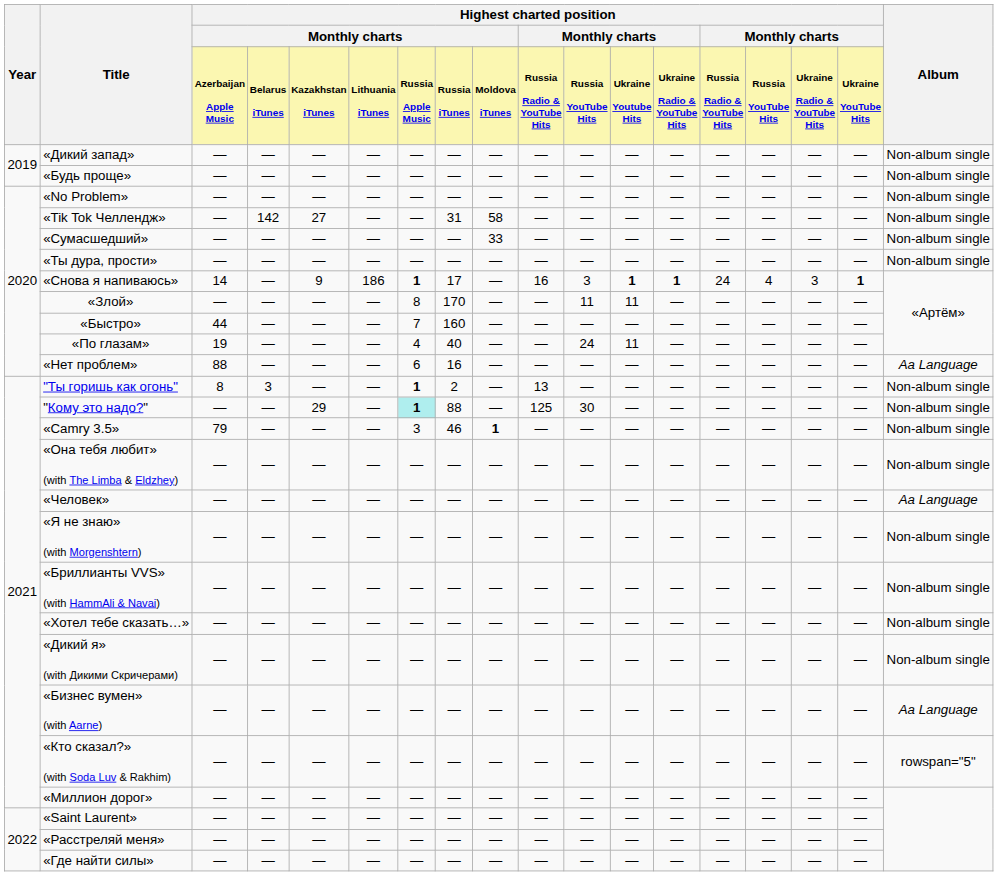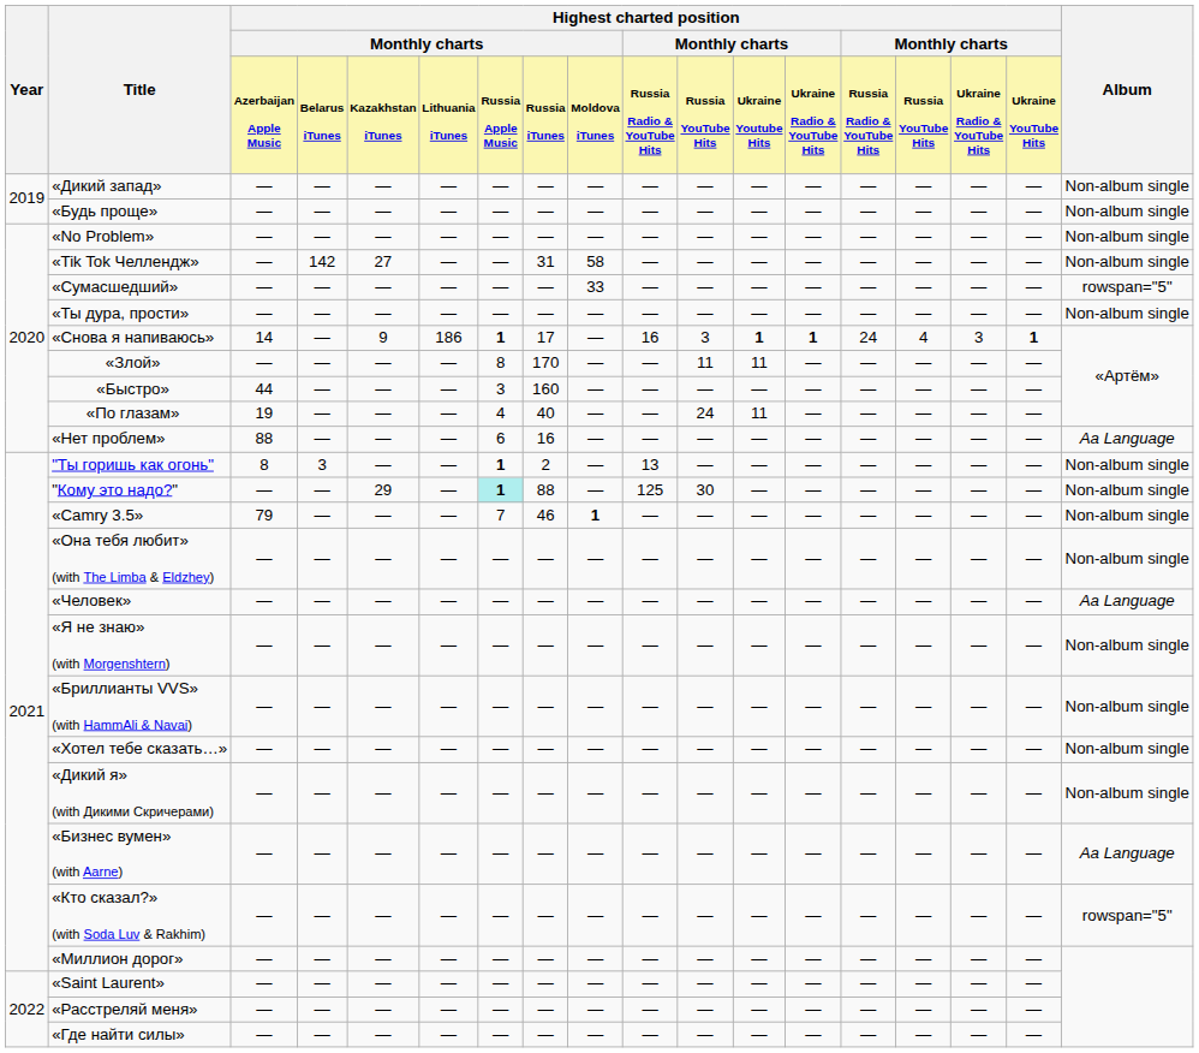 <table class="wikitable" style="text-align:center">
 <tr>
 <th rowspan="3" style="background-color:">Year</th>
 <th rowspan="3" style="background-color:">Title</th>
 <th colspan="15" style="background-color:">Highest charted position</th>
 <th rowspan="3" style="background-color:">Album</th>
 </tr>
 <tr>
 <th colspan="7" style="background-color:"><span>Monthly charts</span></th>
 <th colspan="4" style="background-color:"><span>Monthly charts</span></th>
 <th colspan="4" style="background-color:"><span>Monthly charts</span></th>
 </tr>
 <tr>
 <th style="width:3em;font-size:75%;background:#Fbf7b1;"><br><br>Azerbaijan<br><br><a href='#'>Apple Music</a><br><br></th>
 <th style="width:3em;font-size:75%;background:#Fbf7b1;"><br><br>Belarus<br><br><a href='#'>iTunes</a><br><br></th>
 <th style="width:3em;font-size:75%;background:#Fbf7b1;"><br><br>Kazakhstan<br><br><a href='#'>iTunes</a><br><br></th>
 <th style="width:3em;font-size:75%;background:#Fbf7b1;"><br><br>Lithuania<br><br><a href='#'>iTunes</a><br><br></th>
 <th style="width:3em;font-size:75%;background:#Fbf7b1;"><br><br>Russia<br><br><a href='#'>Apple Music</a><br><br></th>
 <th style="width:3em;font-size:75%;background:#Fbf7b1;"><br><br>Russia<br><br><a href='#'>iTunes</a><br><br></th>
 <th style="width:3em;font-size:75%;background:#Fbf7b1;"><br><br>Moldova<br><br><a href='#'>iTunes</a><br><br></th>
 <th style="width:3em;font-size:75%;background:#Fbf7b1;"><br><br>Russia<br><br><a href='#'>Radio & YouTube Hits</a><br><br></th>
 <th style="width:3em;font-size:75%;background:#Fbf7b1;"><br><br>Russia<br><br><a href='#'>YouTube Hits</a><br><br></th>
 <th style="width:3em;font-size:75%;background:#Fbf7b1;"><br><br>Ukraine<br><br><a href='#'>Youtube Hits</a><br><br></th>
 <th style="width:3em;font-size:75%;background:#Fbf7b1;"><br><br>Ukraine<br><br><a href='#'>Radio & YouTube Hits</a><br><br></th>
 <th style="width:3em;font-size:75%;background:#Fbf7b1;"><br><br>Russia<br><br><a href='#'>Radio & YouTube Hits</a><br><br></th>
 <th style="width:3em;font-size:75%;background:#Fbf7b1;"><br><br>Russia<br><br><a href='#'>YouTube Hits</a><br><br></th>
 <th style="width:3em;font-size:75%;background:#Fbf7b1;"><br><br>Ukraine<br><br><a href='#'>Radio & YouTube Hits</a><br><br></th>
 <th style="width:3em;font-size:75%;background:#Fbf7b1;"><br><br>Ukraine<br><br><a href='#'>YouTube Hits</a><br><br></th>
 </tr>
 <tr>
 <td rowspan="2">2019</td>
 <td align="left">«Дикий запад»</td>
 <td>—</td>
 <td>—</td>
 <td>—</td>
 <td>—</td>
 <td>—</td>
 <td>—</td>
 <td>—</td>
 <td>—</td>
 <td>—</td>
 <td>—</td>
 <td>—</td>
 <td>—</td>
 <td>—</td>
 <td>—</td>
 <td>—</td>
 <td>Non-album single</td>
 </tr>
 <tr>
 <td align="left">«Будь проще»</td>
 <td>—</td>
 <td>—</td>
 <td>—</td>
 <td>—</td>
 <td>—</td>
 <td>—</td>
 <td>—</td>
 <td>—</td>
 <td>—</td>
 <td>—</td>
 <td>—</td>
 <td>—</td>
 <td>—</td>
 <td>—</td>
 <td>—</td>
 <td>Non-album single</td>
 </tr>
 <tr>
 <td rowspan="9">2020</td>
 <td align="left">«No Problem»</td>
 <td>—</td>
 <td>—</td>
 <td>—</td>
 <td>—</td>
 <td>—</td>
 <td>—</td>
 <td>—</td>
 <td>—</td>
 <td>—</td>
 <td>—</td>
 <td>—</td>
 <td>—</td>
 <td>—</td>
 <td>—</td>
 <td>—</td>
 <td>Non-album single</td>
 </tr>
 <tr>
 <td align="left">«Tik Tok Челлендж»</td>
 <td>—</td>
 <td>142</td>
 <td>27</td>
 <td>—</td>
 <td>—</td>
 <td>31</td>
 <td>58</td>
 <td>—</td>
 <td>—</td>
 <td>—</td>
 <td>—</td>
 <td>—</td>
 <td>—</td>
 <td>—</td>
 <td>—</td>
 <td>Non-album single</td>
 </tr>
 <tr>
 <td align="left">«Сумасшедший»</td>
 <td>—</td>
 <td>—</td>
 <td>—</td>
 <td>—</td>
 <td>—</td>
 <td>—</td>
 <td>33</td>
 <td>—</td>
 <td>—</td>
 <td>—</td>
 <td>—</td>
 <td>—</td>
 <td>—</td>
 <td>—</td>
 <td>—</td>
-<td>Non-album single</td>
+<td>rowspan="5" </td>
 </tr>
 <tr>
 <td align="left">«Ты дура, прости»</td>
 <td>—</td>
 <td>—</td>
 <td>—</td>
 <td>—</td>
 <td>—</td>
 <td>—</td>
 <td>—</td>
 <td>—</td>
 <td>—</td>
 <td>—</td>
 <td>—</td>
 <td>—</td>
 <td>—</td>
 <td>—</td>
 <td>—</td>
 <td>Non-album single</td>
 </tr>
 <tr>
 <td align="left">«Снова я напиваюсь»</td>
 <td>14</td>
 <td>—</td>
 <td>9</td>
 <td>186</td>
 <td><strong>1</strong></td>
 <td>17</td>
 <td>—</td>
 <td>16</td>
 <td>3</td>
 <td><strong>1</strong></td>
 <td><strong>1</strong></td>
 <td>24</td>
 <td>4</td>
 <td>3</td>
 <td><strong>1</strong></td>
 <td rowspan="4">«Артём»</td>
 </tr>
 <tr>
 <td>«Злой»   </td>
 <td>—</td>
 <td>—</td>
 <td>—</td>
 <td>—</td>
 <td>8</td>
 <td>170</td>
 <td>—</td>
 <td>—</td>
 <td>11</td>
 <td>11</td>
 <td>—</td>
 <td>—</td>
 <td>—</td>
 <td>—</td>
 <td>—</td>
 </tr>
 <tr>
 <td>«Быстро»   </td>
 <td>44</td>
 <td>—</td>
 <td>—</td>
 <td>—</td>
-<td>7</td>
+<td>3</td>
 <td>160</td>
 <td>—</td>
 <td>—</td>
 <td>—</td>
 <td>—</td>
 <td>—</td>
 <td>—</td>
 <td>—</td>
 <td>—</td>
 <td>—</td>
 </tr>
 <tr>
 <td>«По глазам»   </td>
 <td>19</td>
 <td>—</td>
 <td>—</td>
 <td>—</td>
 <td>4</td>
 <td>40</td>
 <td>—</td>
 <td>—</td>
 <td>24</td>
 <td>11</td>
 <td>—</td>
 <td>—</td>
 <td>—</td>
 <td>—</td>
 <td>—</td>
 </tr>
 <tr>
 <td align="left">«Нет проблем»</td>
 <td>88</td>
 <td>—</td>
 <td>—</td>
 <td>—</td>
 <td>6</td>
 <td>16</td>
 <td>—</td>
 <td>—</td>
 <td>—</td>
 <td>—</td>
 <td>—</td>
 <td>—</td>
 <td>—</td>
 <td>—</td>
 <td>—</td>
 <td><em>Aa Language</em></td>
 </tr>
 <tr>
 <td rowspan="12">2021</td>
 <td align="left"><a href='#'>"Ты горишь как огонь"</a></td>
 <td>8</td>
 <td>3</td>
 <td>—</td>
 <td>—</td>
 <td><strong>1</strong></td>
 <td>2</td>
 <td>—</td>
 <td>13</td>
 <td>—</td>
 <td>—</td>
 <td>—</td>
 <td>—</td>
 <td>—</td>
 <td>—</td>
 <td>—</td>
 <td>Non-album single</td>
 </tr>
 <tr>
 <td align="left">"<a href='#'>Кому это надо?</a>"</td>
 <td>—</td>
 <td>—</td>
 <td>29</td>
 <td>—</td>
 <td style="background: paleturquoise;"><strong>1</strong></td>
 <td>88</td>
 <td>—</td>
 <td>125</td>
 <td>30</td>
 <td>—</td>
 <td>—</td>
 <td>—</td>
 <td>—</td>
 <td>—</td>
 <td>—</td>
 <td>Non-album single</td>
 </tr>
 <tr>
 <td align="left">«Camry 3.5»</td>
 <td>79</td>
 <td>—</td>
 <td>—</td>
 <td>—</td>
-<td>3</td>
+<td>7</td>
 <td>46</td>
 <td><strong>1</strong></td>
 <td>—</td>
 <td>—</td>
 <td>—</td>
 <td>—</td>
 <td>—</td>
 <td>—</td>
 <td>—</td>
 <td>—</td>
 <td>Non-album single</td>
 </tr>
 <tr>
 <td align="left">«Она тебя любит»<br><br><small>(with <a href='#'>The Limba</a> & <a href='#'>Eldzhey</a>)</small></td>
 <td>—</td>
 <td>—</td>
 <td>—</td>
 <td>—</td>
 <td>—</td>
 <td>—</td>
 <td>—</td>
 <td>—</td>
 <td>—</td>
 <td>—</td>
 <td>—</td>
 <td>—</td>
 <td>—</td>
 <td>—</td>
 <td>—</td>
 <td>Non-album single</td>
 </tr>
 <tr>
 <td align="left">«Человек»</td>
 <td>—</td>
 <td>—</td>
 <td>—</td>
 <td>—</td>
 <td>—</td>
 <td>—</td>
 <td>—</td>
 <td>—</td>
 <td>—</td>
 <td>—</td>
 <td>—</td>
 <td>—</td>
 <td>—</td>
 <td>—</td>
 <td>—</td>
 <td><em>Aa Language</em></td>
 </tr>
 <tr>
 <td align="left">«Я не знаю»<br><br><small>(with <a href='#'>Morgenshtern</a>)</small></td>
 <td>—</td>
 <td>—</td>
 <td>—</td>
 <td>—</td>
 <td>—</td>
 <td>—</td>
 <td>—</td>
 <td>—</td>
 <td>—</td>
 <td>—</td>
 <td>—</td>
 <td>—</td>
 <td>—</td>
 <td>—</td>
 <td>—</td>
 <td>Non-album single</td>
 </tr>
 <tr>
 <td align="left">«Бриллианты VVS»<br><br><small>(with <a href='#'>HammAli & Navai</a>)</small></td>
 <td>—</td>
 <td>—</td>
 <td>—</td>
 <td>—</td>
 <td>—</td>
 <td>—</td>
 <td>—</td>
 <td>—</td>
 <td>—</td>
 <td>—</td>
 <td>—</td>
 <td>—</td>
 <td>—</td>
 <td>—</td>
 <td>—</td>
 <td>Non-album single</td>
 </tr>
 <tr>
 <td align="left">«Хотел тебе сказать…»</td>
 <td>—</td>
 <td>—</td>
 <td>—</td>
 <td>—</td>
 <td>—</td>
 <td>—</td>
 <td>—</td>
 <td>—</td>
 <td>—</td>
 <td>—</td>
 <td>—</td>
 <td>—</td>
 <td>—</td>
 <td>—</td>
 <td>—</td>
 <td>Non-album single</td>
 </tr>
 <tr>
 <td align="left">«Дикий я»<br><br><small>(with Дикими Скричерами)</small></td>
 <td>—</td>
 <td>—</td>
 <td>—</td>
 <td>—</td>
 <td>—</td>
 <td>—</td>
 <td>—</td>
 <td>—</td>
 <td>—</td>
 <td>—</td>
 <td>—</td>
 <td>—</td>
 <td>—</td>
 <td>—</td>
 <td>—</td>
 <td>Non-album single</td>
 </tr>
 <tr>
 <td align="left">«Бизнес вумен»<br><br><small>(with <a href='#'>Aarne</a>)</small></td>
 <td>—</td>
 <td>—</td>
 <td>—</td>
 <td>—</td>
 <td>—</td>
 <td>—</td>
 <td>—</td>
 <td>—</td>
 <td>—</td>
 <td>—</td>
 <td>—</td>
 <td>—</td>
 <td>—</td>
 <td>—</td>
 <td>—</td>
 <td><em>Aa Language</em></td>
 </tr>
 <tr>
 <td align="left">«Кто сказал?»<br><br><small>(with <a href='#'>Soda Luv</a> & Rakhim)</small></td>
 <td>—</td>
 <td>—</td>
 <td>—</td>
 <td>—</td>
 <td>—</td>
 <td>—</td>
 <td>—</td>
 <td>—</td>
 <td>—</td>
 <td>—</td>
 <td>—</td>
 <td>—</td>
 <td>—</td>
 <td>—</td>
 <td>—</td>
 <td>rowspan="5" </td>
 </tr>
 <tr>
 <td align="left">«Миллион дорог»</td>
 <td>—</td>
 <td>—</td>
 <td>—</td>
 <td>—</td>
 <td>—</td>
 <td>—</td>
 <td>—</td>
 <td>—</td>
 <td>—</td>
 <td>—</td>
 <td>—</td>
 <td>—</td>
 <td>—</td>
 <td>—</td>
 <td>—</td>
 </tr>
 <tr>
 <td rowspan="3">2022</td>
 <td align="left">«Saint Laurent»</td>
 <td>—</td>
 <td>—</td>
 <td>—</td>
 <td>—</td>
 <td>—</td>
 <td>—</td>
 <td>—</td>
 <td>—</td>
 <td>—</td>
 <td>—</td>
 <td>—</td>
 <td>—</td>
 <td>—</td>
 <td>—</td>
 <td>—</td>
 </tr>
 <tr>
 <td align="left">«Расстреляй меня»</td>
 <td>—</td>
 <td>—</td>
 <td>—</td>
 <td>—</td>
 <td>—</td>
 <td>—</td>
 <td>—</td>
 <td>—</td>
 <td>—</td>
 <td>—</td>
 <td>—</td>
 <td>—</td>
 <td>—</td>
 <td>—</td>
 <td>—</td>
 </tr>
 <tr>
 <td align="left">«Где найти силы»</td>
 <td>—</td>
 <td>—</td>
 <td>—</td>
 <td>—</td>
 <td>—</td>
 <td>—</td>
 <td>—</td>
 <td>—</td>
 <td>—</td>
 <td>—</td>
 <td>—</td>
 <td>—</td>
 <td>—</td>
 <td>—</td>
 <td>—</td>
 </tr>
 </table>
